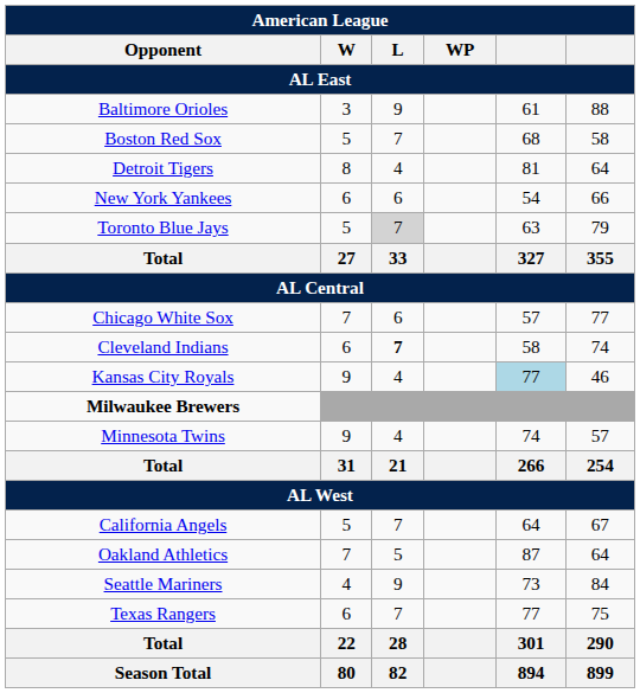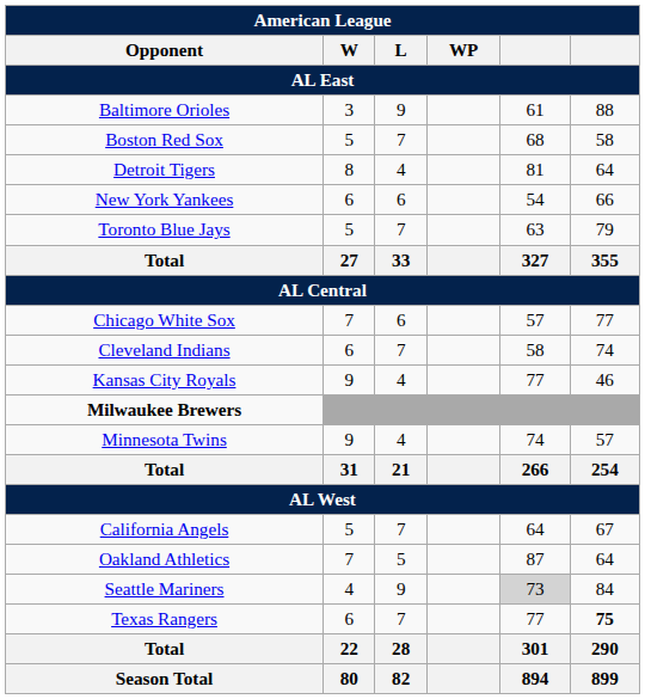 <table class="wikitable" style="font-size:95%; text-align:center; width:35em;margin: 0.5em auto;">
 <tr>
 <th colspan="7" style="background:#03224c; color:#ffffff;">American League</th>
 </tr>
 <tr>
 <th>Opponent</th>
 <th>W</th>
 <th>L</th>
 <th>WP</th>
 <th></th>
 <th></th>
 </tr>
 <tr>
 <th colspan="7" style="background:#03224c; color:#ffffff;">AL East</th>
 </tr>
 <tr>
 <td><a href='#'>Baltimore Orioles</a></td>
 <td>3</td>
 <td>9</td>
 <td></td>
 <td>61</td>
 <td>88</td>
 </tr>
 <tr>
 <td><a href='#'>Boston Red Sox</a></td>
 <td>5</td>
 <td>7</td>
 <td></td>
 <td>68</td>
 <td>58</td>
 </tr>
 <tr>
 <td><a href='#'>Detroit Tigers</a></td>
 <td>8</td>
 <td>4</td>
 <td></td>
 <td>81</td>
 <td>64</td>
 </tr>
 <tr>
 <td><a href='#'>New York Yankees</a></td>
 <td>6</td>
 <td>6</td>
 <td></td>
 <td>54</td>
 <td>66</td>
 </tr>
 <tr>
 <td><a href='#'>Toronto Blue Jays</a></td>
 <td>5</td>
-<td style="background: lightgrey;">7</td>
+<td>7</td>
 <td></td>
 <td>63</td>
 <td>79</td>
 </tr>
 <tr>
 <th>Total</th>
 <th>27</th>
 <th>33</th>
 <th></th>
 <th>327</th>
 <th>355</th>
 </tr>
 <tr>
 <th colspan="7" style="background:#03224c; color:#ffffff;">AL Central</th>
 </tr>
 <tr>
 <td><a href='#'>Chicago White Sox</a></td>
 <td>7</td>
 <td>6</td>
 <td></td>
 <td>57</td>
 <td>77</td>
 </tr>
 <tr>
 <td><a href='#'>Cleveland Indians</a></td>
 <td>6</td>
-<td><strong>7</strong></td>
+<td>7</td>
 <td></td>
 <td>58</td>
 <td>74</td>
 </tr>
 <tr>
 <td><a href='#'>Kansas City Royals</a></td>
 <td>9</td>
 <td>4</td>
 <td></td>
-<td style="background: lightblue;">77</td>
+<td>77</td>
 <td>46</td>
 </tr>
 <tr>
 <td><strong>Milwaukee Brewers</strong></td>
 <td colspan=5 style="background:darkgray;"></td>
 </tr>
 <tr>
 <td><a href='#'>Minnesota Twins</a></td>
 <td>9</td>
 <td>4</td>
 <td></td>
 <td>74</td>
 <td>57</td>
 </tr>
 <tr>
 <th>Total</th>
 <th>31</th>
 <th>21</th>
 <th></th>
 <th>266</th>
 <th>254</th>
 </tr>
 <tr>
 <th colspan="7" style="background:#03224c; color:#ffffff;">AL West</th>
 </tr>
 <tr>
 <td><a href='#'>California Angels</a></td>
 <td>5</td>
 <td>7</td>
 <td></td>
 <td>64</td>
 <td>67</td>
 </tr>
 <tr>
 <td><a href='#'>Oakland Athletics</a></td>
 <td>7</td>
 <td>5</td>
 <td></td>
 <td>87</td>
 <td>64</td>
 </tr>
 <tr>
 <td><a href='#'>Seattle Mariners</a></td>
 <td>4</td>
 <td>9</td>
 <td></td>
-<td>73</td>
+<td style="background: lightgrey;">73</td>
 <td>84</td>
 </tr>
 <tr>
 <td><a href='#'>Texas Rangers</a></td>
 <td>6</td>
 <td>7</td>
 <td></td>
 <td>77</td>
-<td>75</td>
+<td><strong>75</strong></td>
 </tr>
 <tr>
 <th>Total</th>
 <th>22</th>
 <th>28</th>
 <th></th>
 <th>301</th>
 <th>290</th>
 </tr>
 <tr>
 <th>Season Total</th>
 <th>80</th>
 <th>82</th>
 <th></th>
 <th>894</th>
 <th>899</th>
 </tr>
 </table>
